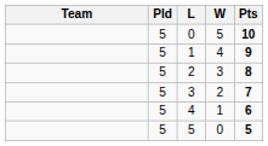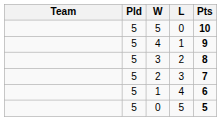 <table class="wikitable" style="text-align:center;">
 <tr>
 <th width=180>Team</th>
 <th width=30>Pld</th>
+<th width=30>W</th>
 <th width=30>L</th>
-<th width=30>W</th>
 <th width=30>Pts</th>
+</tr>
+<tr>
+<td align=left></td>
+<td>5</td>
+<td>5</td>
+<td>0</td>
+<td><strong>10</strong></td>
+</tr>
+<tr>
+<td align=left></td>
+<td>5</td>
+<td>4</td>
+<td>1</td>
+<td><strong>9</strong></td>
+</tr>
+<tr>
+<td align=left></td>
+<td>5</td>
+<td>3</td>
+<td>2</td>
+<td><strong>8</strong></td>
+</tr>
+<tr>
+<td align=left></td>
+<td>5</td>
+<td>2</td>
+<td>3</td>
+<td><strong>7</strong></td>
+</tr>
+<tr>
+<td align=left></td>
+<td>5</td>
+<td>1</td>
+<td>4</td>
+<td><strong>6</strong></td>
 </tr>
 <tr>
 <td align=left></td>
 <td>5</td>
 <td>0</td>
 <td>5</td>
-<td><strong>10</strong></td>
-</tr>
-<tr>
-<td align=left></td>
-<td>5</td>
-<td>1</td>
-<td>4</td>
-<td><strong>9</strong></td>
-</tr>
-<tr>
-<td align=left></td>
-<td>5</td>
-<td>2</td>
-<td>3</td>
-<td><strong>8</strong></td>
-</tr>
-<tr>
-<td align=left></td>
-<td>5</td>
-<td>3</td>
-<td>2</td>
-<td><strong>7</strong></td>
-</tr>
-<tr>
-<td align=left></td>
-<td>5</td>
-<td>4</td>
-<td>1</td>
-<td><strong>6</strong></td>
-</tr>
-<tr>
-<td align=left></td>
-<td>5</td>
-<td>5</td>
-<td>0</td>
 <td><strong>5</strong></td>
 </tr>
 </table>
